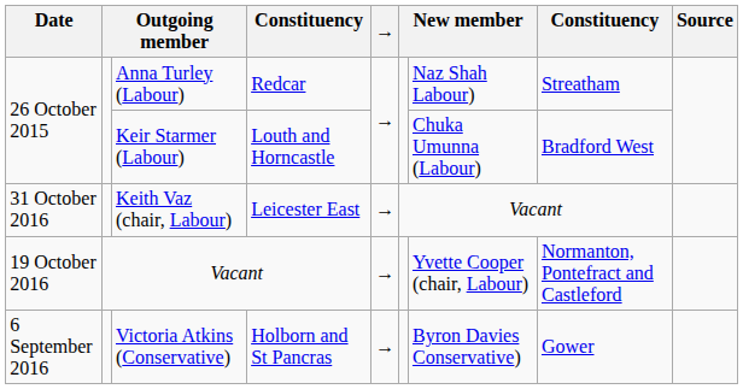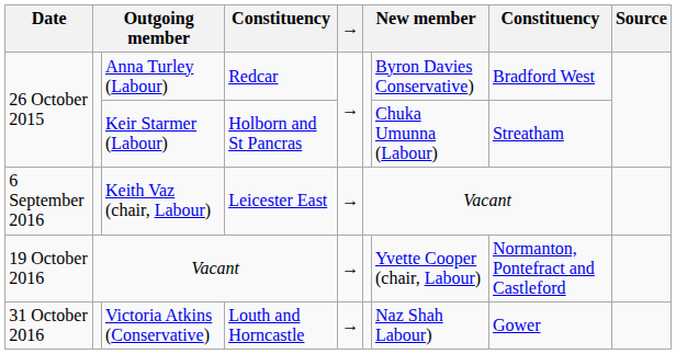 <table class="wikitable">
 <tr>
 <th valign="top">Date</th>
 <th colspan="2" valign="top">Outgoing member</th>
 <th valign="top">Constituency</th>
 <th>→</th>
 <th colspan="2" valign="top">New member</th>
 <th valign="top">Constituency</th>
 <th valign="top">Source</th>
 </tr>
 <tr>
 <td rowspan="2">26 October 2015</td>
 <td rowspan="2" style="color:inherit;background:"></td>
 <td><a href='#'>Anna Turley</a> (<a href='#'>Labour</a>)</td>
 <td><a href='#'>Redcar</a></td>
 <td rowspan="2">→</td>
 <td rowspan="2" style="color:inherit;background:"></td>
-<td><a href='#'>Naz Shah</a> <a href='#'>Labour</a>)</td>
-<td><a href='#'>Streatham</a></td>
+<td><a href='#'>Byron Davies</a> <a href='#'>Conservative</a>)</td>
+<td><a href='#'>Bradford West</a></td>
 <td rowspan="2"></td>
 </tr>
 <tr>
 <td><a href='#'>Keir Starmer</a> (<a href='#'>Labour</a>)</td>
-<td><a href='#'>Louth and Horncastle</a></td>
+<td><a href='#'>Holborn and St Pancras</a></td>
 <td><a href='#'>Chuka Umunna</a> (<a href='#'>Labour</a>)</td>
-<td><a href='#'>Bradford West</a></td>
+<td><a href='#'>Streatham</a></td>
 </tr>
 <tr>
-<td>31 October 2016</td>
+<td>6 September 2016</td>
 <td style="color:inherit;background:"></td>
 <td><a href='#'>Keith Vaz</a> (chair, <a href='#'>Labour</a>)</td>
 <td><a href='#'>Leicester East</a></td>
 <td>→</td>
 <td colspan="3" style="text-align:center;"><em>Vacant</em></td>
 <td></td>
 </tr>
 <tr>
 <td>19 October 2016</td>
 <td colspan="3" style="text-align:center;"><em>Vacant</em></td>
 <td>→</td>
 <td style="color:inherit;background:"></td>
 <td><a href='#'>Yvette Cooper</a> (chair, <a href='#'>Labour</a>)</td>
 <td><a href='#'>Normanton, Pontefract and Castleford</a></td>
 <td></td>
 </tr>
 <tr>
-<td>6 September 2016</td>
+<td>31 October 2016</td>
 <td style="color:inherit;background:"></td>
 <td><a href='#'>Victoria Atkins</a> (<a href='#'>Conservative</a>)</td>
-<td><a href='#'>Holborn and St Pancras</a></td>
+<td><a href='#'>Louth and Horncastle</a></td>
 <td>→</td>
 <td style="color:inherit;background:"></td>
-<td><a href='#'>Byron Davies</a> <a href='#'>Conservative</a>)</td>
+<td><a href='#'>Naz Shah</a> <a href='#'>Labour</a>)</td>
 <td><a href='#'>Gower</a></td>
 <td></td>
 </tr>
 </table>
